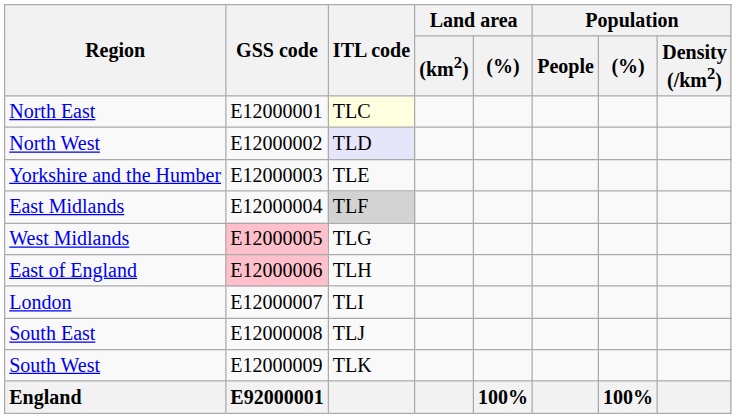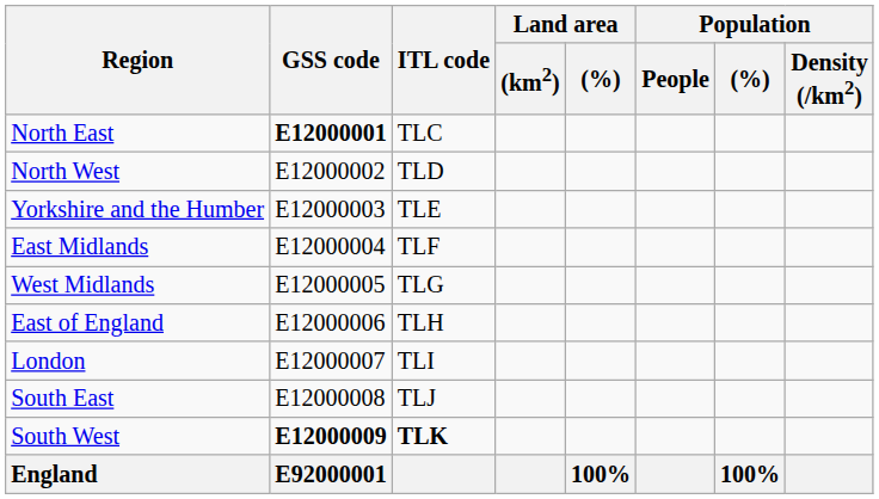 <table class="wikitable sortable" style="text-align:right;">
 <tr>
 <th Rowspan=2>Region</th>
 <th Rowspan=2>GSS code</th>
 <th Rowspan=2>ITL code</th>
 <th Colspan=2>Land area</th>
 <th Colspan=3>Population</th>
 </tr>
 <tr>
 <th>(km<sup>2</sup>)</th>
 <th>(%)</th>
 <th>People</th>
 <th>(%)</th>
 <th>Density<br>(/km<sup>2</sup>)</th>
 </tr>
 <tr>
 <td style="text-align:left;"><a href='#'>North East</a></td>
-<td style="text-align:left;">E12000001</td>
-<td style="background: lightyellow; text-align:left;">TLC</td>
+<td style="text-align:left;"><strong>E12000001</strong></td>
+<td style="text-align:left;">TLC</td>
 <td></td>
 <td></td>
 <td></td>
 <td></td>
 <td></td>
 </tr>
 <tr>
 <td style="text-align:left;"><a href='#'>North West</a></td>
 <td style="text-align:left;">E12000002</td>
-<td style="background: lavender; text-align:left;">TLD</td>
+<td style="text-align:left;">TLD</td>
 <td></td>
 <td></td>
 <td></td>
 <td></td>
 <td></td>
 </tr>
 <tr>
 <td style="text-align:left;"><a href='#'>Yorkshire and the Humber</a></td>
 <td style="text-align:left;">E12000003</td>
 <td style="text-align:left;">TLE</td>
 <td></td>
 <td></td>
 <td></td>
 <td></td>
 <td></td>
 </tr>
 <tr>
 <td style="text-align:left;"><a href='#'>East Midlands</a></td>
 <td style="text-align:left;">E12000004</td>
-<td style="background: lightgrey; text-align:left;">TLF</td>
+<td style="text-align:left;">TLF</td>
 <td></td>
 <td></td>
 <td></td>
 <td></td>
 <td></td>
 </tr>
 <tr>
 <td style="text-align:left;"><a href='#'>West Midlands</a></td>
-<td style="background: pink; text-align:left;">E12000005</td>
+<td style="text-align:left;">E12000005</td>
 <td style="text-align:left;">TLG</td>
 <td></td>
 <td></td>
 <td></td>
 <td></td>
 <td></td>
 </tr>
 <tr>
 <td style="text-align:left;"><a href='#'>East of England</a></td>
-<td style="background: pink; text-align:left;">E12000006</td>
+<td style="text-align:left;">E12000006</td>
 <td style="text-align:left;">TLH</td>
 <td></td>
 <td></td>
 <td></td>
 <td></td>
 <td></td>
 </tr>
 <tr>
 <td style="text-align:left;"><a href='#'>London</a></td>
 <td style="text-align:left;">E12000007</td>
 <td style="text-align:left;">TLI</td>
 <td></td>
 <td></td>
 <td></td>
 <td></td>
 <td></td>
 </tr>
 <tr>
 <td style="text-align:left;"><a href='#'>South East</a></td>
 <td style="text-align:left;">E12000008</td>
 <td style="text-align:left;">TLJ</td>
 <td></td>
 <td></td>
 <td></td>
 <td></td>
 <td></td>
 </tr>
 <tr>
 <td style="text-align:left;"><a href='#'>South West</a></td>
-<td style="text-align:left;">E12000009</td>
-<td style="text-align:left;">TLK</td>
+<td style="text-align:left;"><strong>E12000009</strong></td>
+<td style="text-align:left;"><strong>TLK</strong></td>
 <td></td>
 <td></td>
 <td></td>
 <td></td>
 <td></td>
 </tr>
 <tr>
 <th style="text-align:left;">England</th>
 <th style="text-align:left;">E92000001</th>
 <th style="text-align:left;"></th>
 <th style="text-align:right;"></th>
 <th style="text-align:right;">100%</th>
 <th style="text-align:right;"></th>
 <th style="text-align:right;">100%</th>
 <th style="text-align:right;"></th>
 </tr>
 </table>
